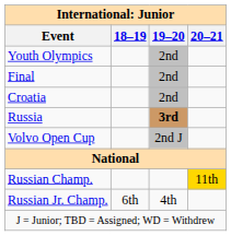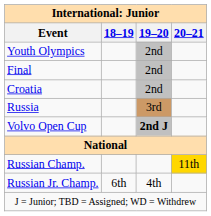 <table class="wikitable" style="text-align:center">
 <tr>
 <th colspan="5" style="background-color: #ffdead; " align="center">International: Junior</th>
 </tr>
 <tr>
 <th>Event</th>
 <th><a href='#'>18–19</a></th>
 <th><a href='#'>19–20</a></th>
 <th><a href='#'>20–21</a></th>
 </tr>
 <tr>
 <td align=left><a href='#'>Youth Olympics</a></td>
 <td></td>
 <td bgcolor=silver>2nd</td>
 <td></td>
 </tr>
 <tr>
 <td align=left> <a href='#'>Final</a></td>
 <td></td>
 <td bgcolor=silver>2nd</td>
 <td></td>
 </tr>
 <tr>
 <td align=left> <a href='#'>Croatia</a></td>
 <td></td>
 <td bgcolor=silver>2nd</td>
 <td></td>
 </tr>
 <tr>
 <td align=left> <a href='#'>Russia</a></td>
 <td></td>
-<td bgcolor=cc9966><strong>3rd</strong></td>
+<td bgcolor=cc9966>3rd</td>
 <td></td>
 </tr>
 <tr>
 <td align=left><a href='#'>Volvo Open Cup</a></td>
 <td></td>
-<td bgcolor=silver>2nd J</td>
+<td bgcolor=silver><strong>2nd J</strong></td>
 <td></td>
 </tr>
 <tr>
 <th colspan="5" style="background-color: #ffdead; " align="center">National</th>
 </tr>
 <tr>
 <td align=left><a href='#'>Russian Champ.</a></td>
 <td></td>
 <td></td>
 <td style="background: gold;">11th</td>
 </tr>
 <tr>
 <td align="left"><a href='#'>Russian Jr. Champ.</a></td>
 <td>6th</td>
 <td>4th</td>
 <td></td>
 </tr>
 <tr>
 <td colspan="5" align="center"><small> J = Junior; TBD = Assigned; WD = Withdrew </small></td>
 </tr>
 </table>
